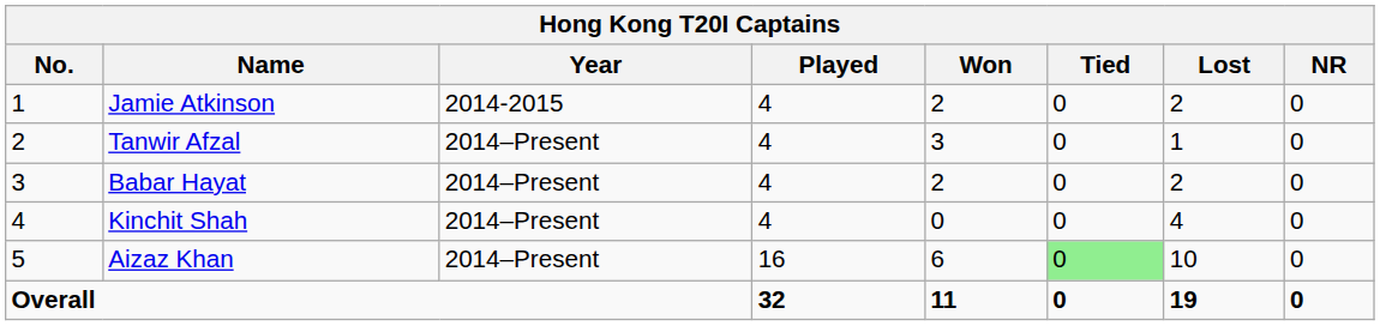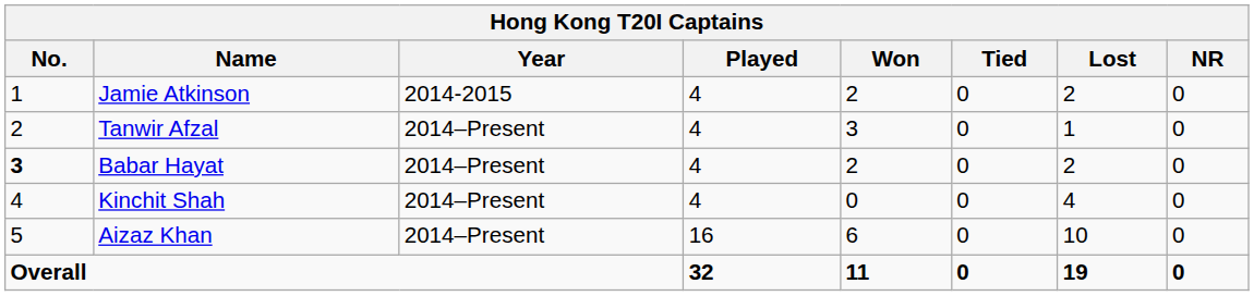 <table class="wikitable" width="70%">
 <tr>
 <th bgcolor="#efefef" colspan=9>Hong Kong T20I Captains</th>
 </tr>
 <tr bgcolor="#efefef">
 <th>No.</th>
 <th>Name</th>
 <th>Year</th>
 <th>Played</th>
 <th>Won</th>
 <th>Tied</th>
 <th>Lost</th>
 <th>NR</th>
 </tr>
 <tr>
 <td>1</td>
 <td><a href='#'>Jamie Atkinson</a></td>
 <td>2014-2015</td>
 <td>4</td>
 <td>2</td>
 <td>0</td>
 <td>2</td>
 <td>0</td>
 </tr>
 <tr>
 <td>2</td>
 <td><a href='#'>Tanwir Afzal</a></td>
 <td>2014–Present</td>
 <td>4</td>
 <td>3</td>
 <td>0</td>
 <td>1</td>
 <td>0</td>
 </tr>
 <tr>
-<td>3</td>
+<td><strong>3</strong></td>
 <td><a href='#'>Babar Hayat</a></td>
 <td>2014–Present</td>
 <td>4</td>
 <td>2</td>
 <td>0</td>
 <td>2</td>
 <td>0</td>
 </tr>
 <tr>
 <td>4</td>
 <td><a href='#'>Kinchit Shah</a></td>
 <td>2014–Present</td>
 <td>4</td>
 <td>0</td>
 <td>0</td>
 <td>4</td>
 <td>0</td>
 </tr>
 <tr>
 <td>5</td>
 <td><a href='#'>Aizaz Khan</a></td>
 <td>2014–Present</td>
 <td>16</td>
 <td>6</td>
-<td style="background: lightgreen;">0</td>
+<td>0</td>
 <td>10</td>
 <td>0</td>
 </tr>
 <tr>
 <td colspan=3><strong>Overall</strong></td>
 <td><strong>32</strong></td>
 <td><strong>11</strong></td>
 <td><strong>0</strong></td>
 <td><strong>19</strong></td>
 <td><strong>0</strong></td>
 </tr>
 </table>
